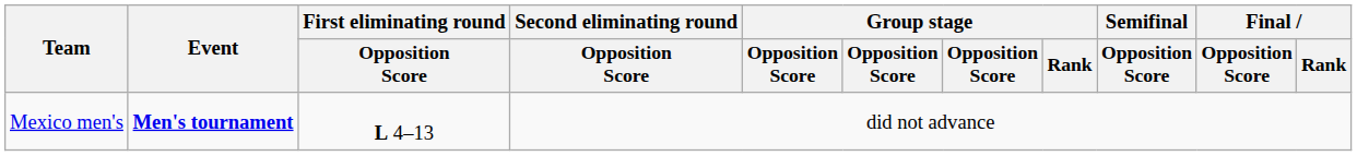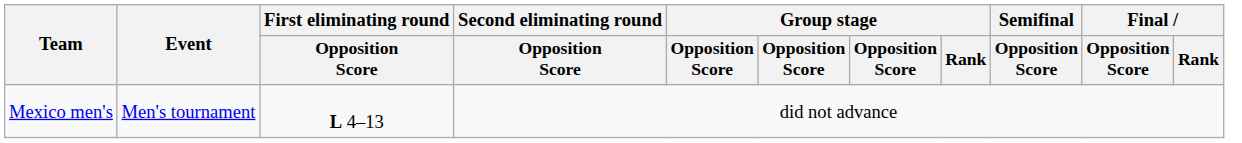 <table class=wikitable style=font-size:90%;text-align:center>
 <tr>
 <th rowspan=2>Team</th>
 <th rowspan=2>Event</th>
 <th>First eliminating round</th>
 <th>Second eliminating round</th>
 <th colspan=4>Group stage</th>
 <th>Semifinal</th>
 <th colspan=2>Final / </th>
 </tr>
 <tr style=font-size:95%>
 <th>Opposition<br>Score</th>
 <th>Opposition<br>Score</th>
 <th>Opposition<br>Score</th>
 <th>Opposition<br>Score</th>
 <th>Opposition<br>Score</th>
 <th>Rank</th>
 <th>Opposition<br>Score</th>
 <th>Opposition<br>Score</th>
 <th>Rank</th>
 </tr>
 <tr>
 <td align=left><a href='#'>Mexico men's</a></td>
-<td align=left><strong><a href='#'>Men's tournament</a></strong></td>
+<td align=left><a href='#'>Men's tournament</a></td>
 <td><br><strong>L</strong> 4–13</td>
 <td colspan=8>did not advance</td>
 </tr>
 </table>
